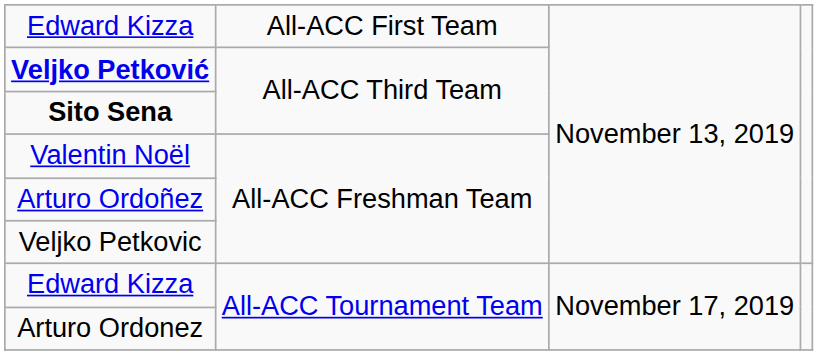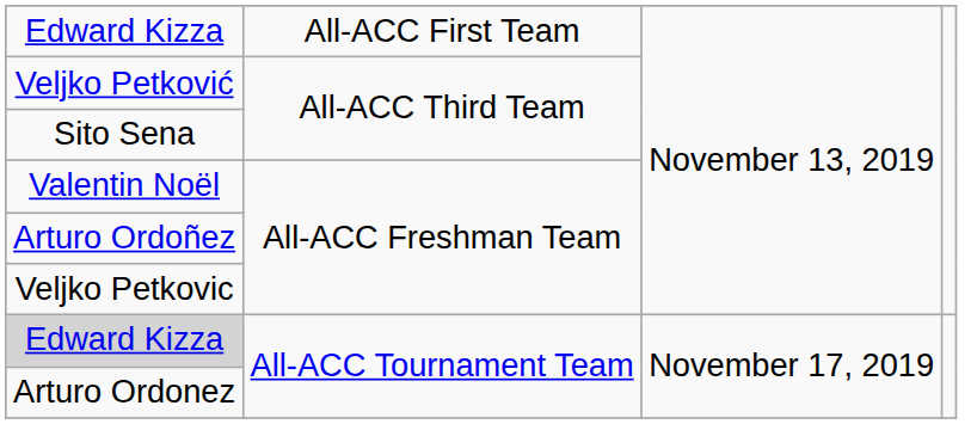 <table class="wikitable sortable" style="text-align: center">
 <tr>
 <td><a href='#'>Edward Kizza</a></td>
 <td>All-ACC First Team</td>
 <td rowspan=6>November 13, 2019</td>
 <td rowspan=6></td>
 </tr>
 <tr>
-<td><strong><a href='#'>Veljko Petković</a></strong></td>
+<td><a href='#'>Veljko Petković</a></td>
 <td rowspan=2>All-ACC Third Team</td>
 </tr>
 <tr>
-<td><strong>Sito Sena</strong></td>
+<td>Sito Sena</td>
 </tr>
 <tr>
 <td><a href='#'>Valentin Noël</a></td>
 <td rowspan=3>All-ACC Freshman Team</td>
 </tr>
 <tr>
 <td><a href='#'>Arturo Ordoñez</a></td>
 </tr>
 <tr>
 <td>Veljko Petkovic</td>
 </tr>
 <tr>
-<td><a href='#'>Edward Kizza</a></td>
+<td style="background: lightgrey;"><a href='#'>Edward Kizza</a></td>
 <td rowspan=2><a href='#'>All-ACC Tournament Team</a></td>
 <td rowspan=2>November 17, 2019</td>
 <td rowspan=2></td>
 </tr>
 <tr>
 <td>Arturo Ordonez</td>
 </tr>
 </table>
